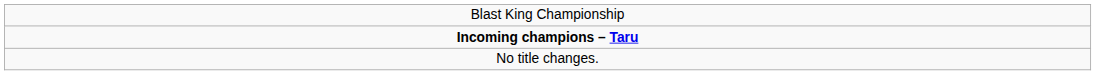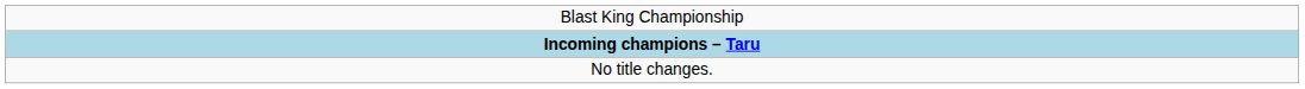 <table class="wikitable" style="text-align:center; width:100%;">
 <tr>
 <td style="text-align: center;">Blast King Championship</td>
 </tr>
 <tr>
-<td style="text-align: center;"><strong>Incoming champions – <a href='#'>Taru</a></strong></td>
+<td style="background: lightblue; text-align: center;"><strong>Incoming champions – <a href='#'>Taru</a></strong></td>
 </tr>
 <tr>
 <td>No title changes.</td>
 </tr>
 </table>
